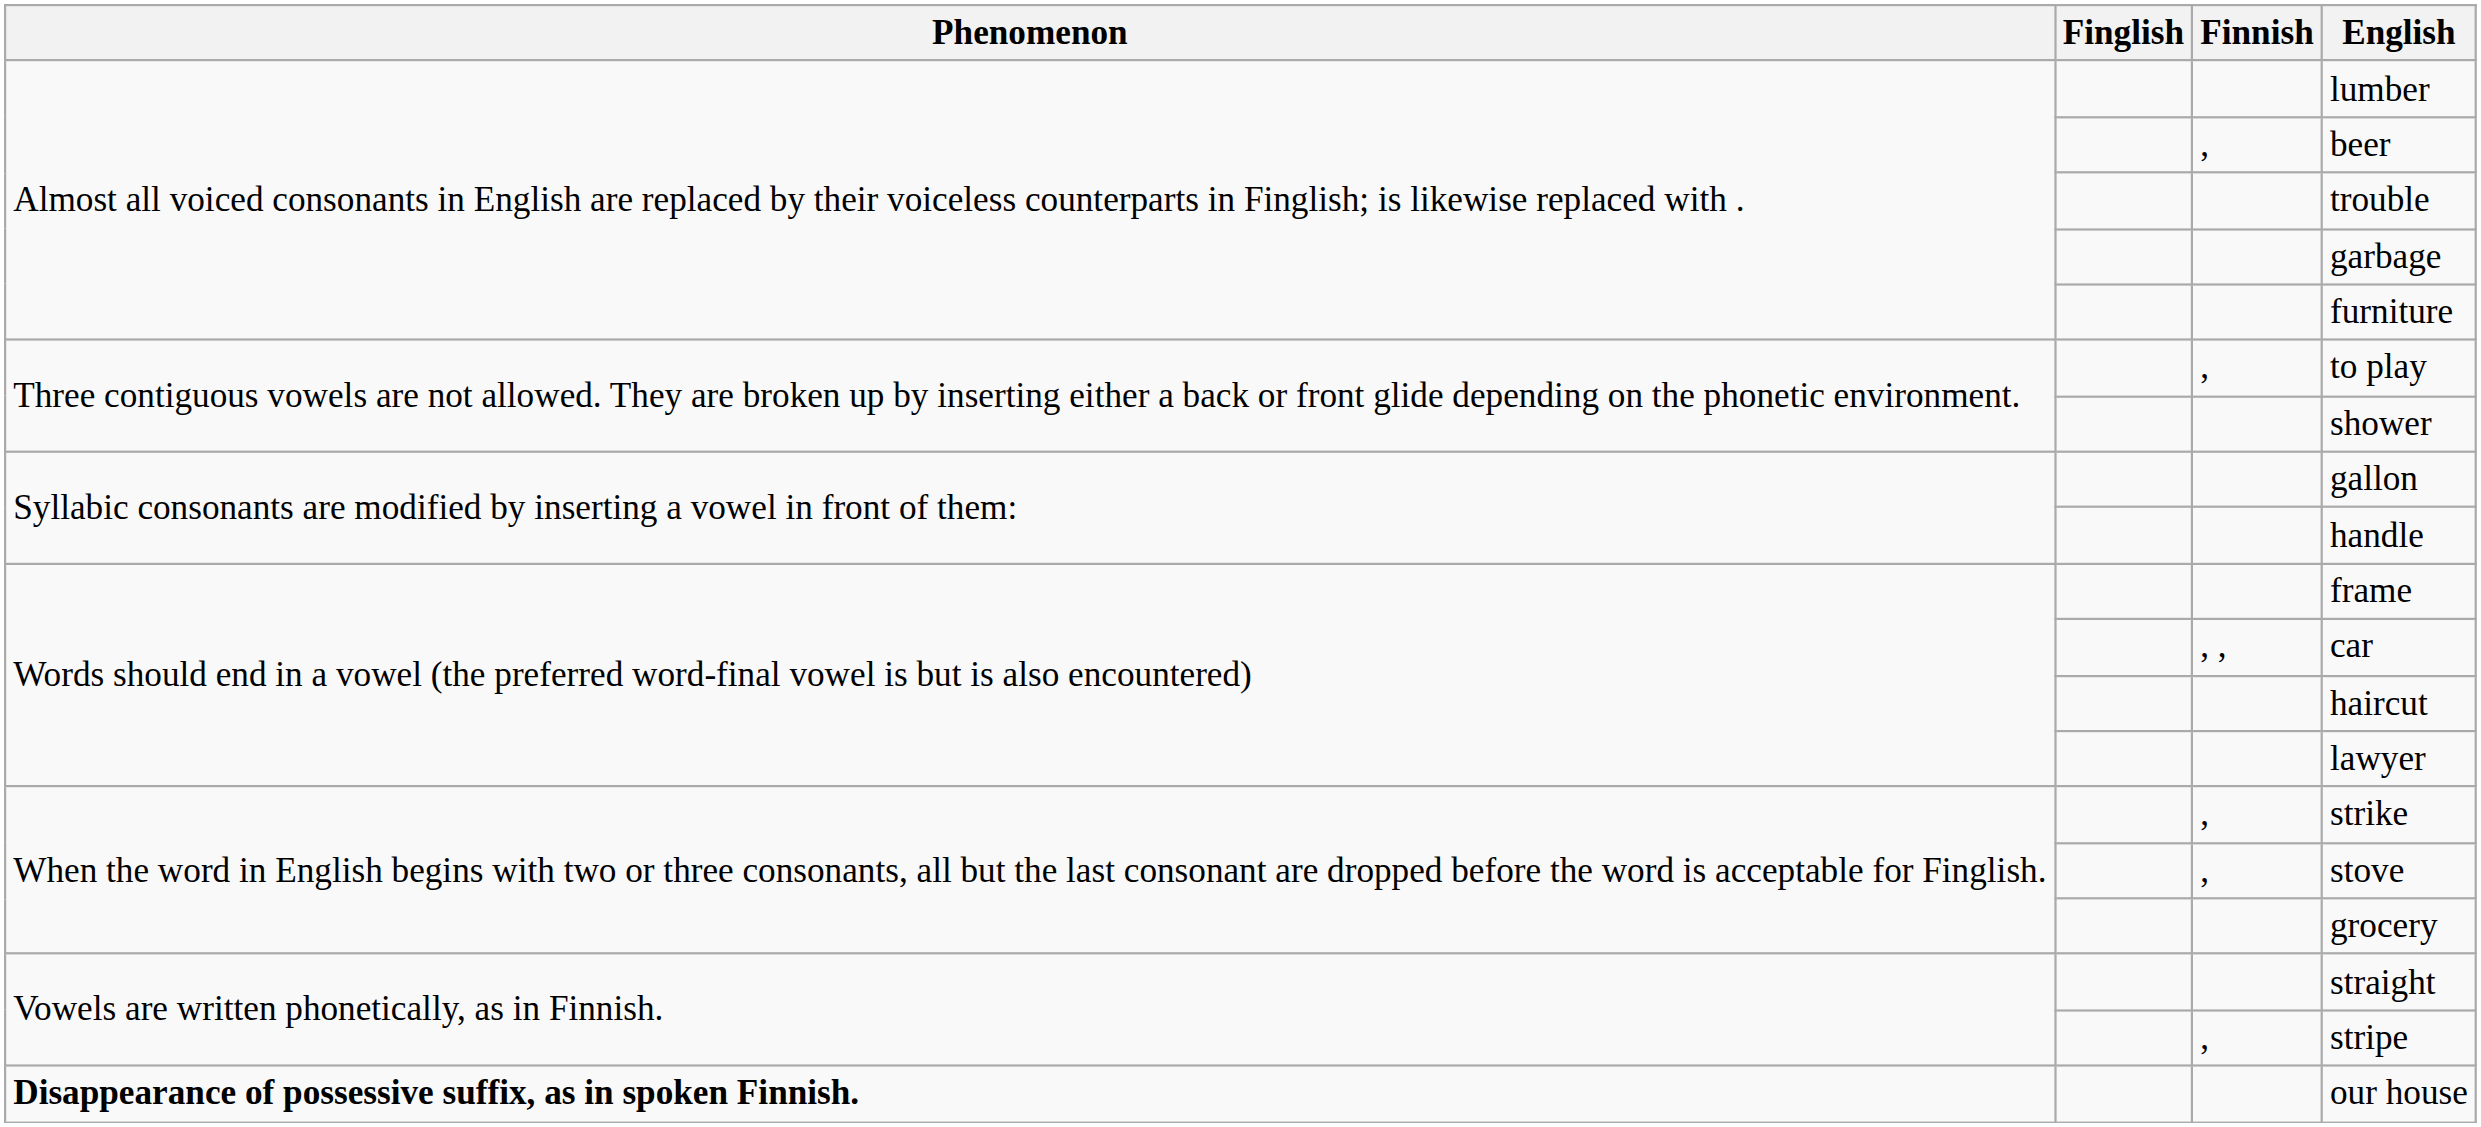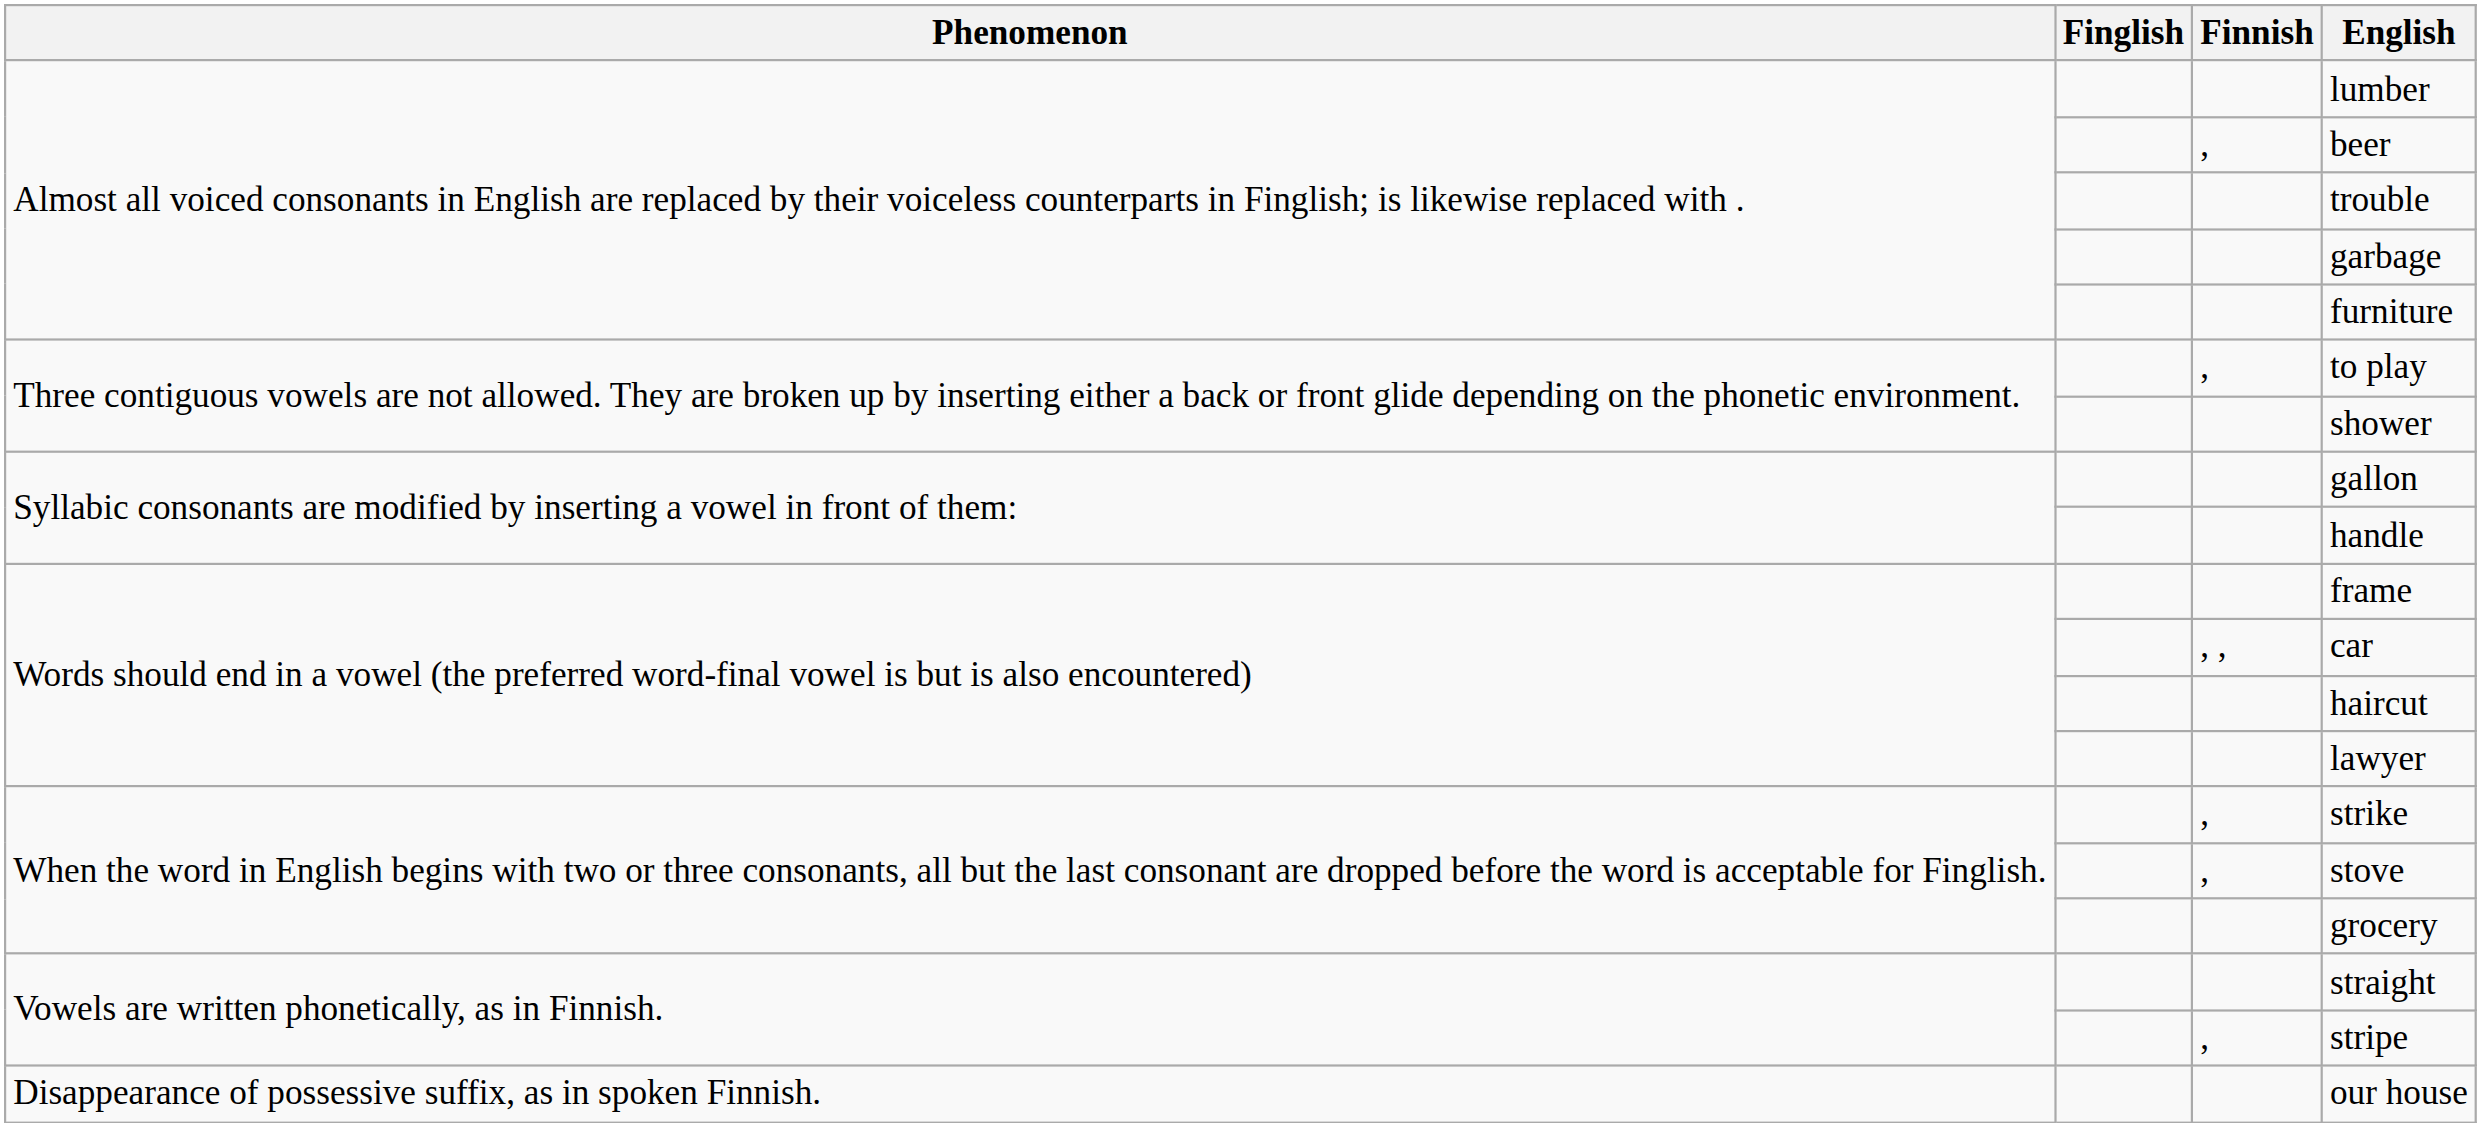 <table class="wikitable">
 <tr>
 <th>Phenomenon</th>
 <th>Finglish</th>
 <th>Finnish</th>
 <th>English</th>
 </tr>
 <tr>
 <td rowspan=5>Almost all voiced consonants in English are replaced by their voiceless counterparts in Finglish;  is likewise replaced with .</td>
 <td></td>
 <td></td>
 <td>lumber</td>
 </tr>
 <tr>
 <td></td>
 <td>, </td>
 <td>beer</td>
 </tr>
 <tr>
 <td></td>
 <td></td>
 <td>trouble</td>
 </tr>
 <tr>
 <td></td>
 <td></td>
 <td>garbage</td>
 </tr>
 <tr>
 <td></td>
 <td></td>
 <td>furniture</td>
 </tr>
 <tr>
 <td rowspan=2>Three contiguous vowels are not allowed. They are broken up by inserting either a back or front glide depending on the phonetic environment.</td>
 <td></td>
 <td>, </td>
 <td>to play</td>
 </tr>
 <tr>
 <td></td>
 <td></td>
 <td>shower</td>
 </tr>
 <tr>
 <td rowspan=2>Syllabic consonants are modified by inserting a vowel in front of them:</td>
 <td></td>
 <td></td>
 <td>gallon</td>
 </tr>
 <tr>
 <td></td>
 <td></td>
 <td>handle</td>
 </tr>
 <tr>
 <td rowspan=4>Words should end in a vowel (the preferred word-final vowel is  but  is also encountered)</td>
 <td></td>
 <td></td>
 <td>frame</td>
 </tr>
 <tr>
 <td></td>
 <td>, , </td>
 <td>car</td>
 </tr>
 <tr>
 <td></td>
 <td></td>
 <td>haircut</td>
 </tr>
 <tr>
 <td></td>
 <td></td>
 <td>lawyer</td>
 </tr>
 <tr>
 <td rowspan=3>When the word in English begins with two or three consonants, all but the last consonant are dropped before the word is acceptable for Finglish.</td>
 <td></td>
 <td>, </td>
 <td>strike</td>
 </tr>
 <tr>
 <td></td>
 <td>, </td>
 <td>stove</td>
 </tr>
 <tr>
 <td></td>
 <td></td>
 <td>grocery</td>
 </tr>
 <tr>
 <td rowspan=2>Vowels are written phonetically, as in Finnish.</td>
 <td></td>
 <td></td>
 <td>straight</td>
 </tr>
 <tr>
 <td></td>
 <td>, </td>
 <td>stripe</td>
 </tr>
 <tr>
-<td><strong>Disappearance of possessive suffix, as in spoken Finnish.</strong></td>
+<td>Disappearance of possessive suffix, as in spoken Finnish.</td>
 <td></td>
 <td></td>
 <td>our house</td>
 </tr>
 </table>
